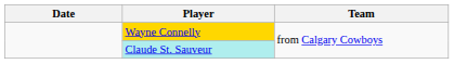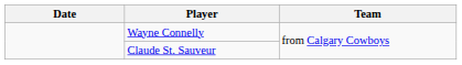 <table class="wikitable">
 <tr>
 <th style="width: 10em;">Date</th>
 <th style="width: 13em;">Player</th>
 <th style="width: 15em;">Team</th>
 </tr>
 <tr>
 <td rowspan=2></td>
-<td style="background: gold;"><a href='#'>Wayne Connelly</a></td>
+<td><a href='#'>Wayne Connelly</a></td>
 <td from rowspan=2>from <a href='#'>Calgary Cowboys</a></td>
 </tr>
 <tr>
-<td style="background: paleturquoise;"><a href='#'>Claude St. Sauveur</a></td>
+<td><a href='#'>Claude St. Sauveur</a></td>
 </tr>
 </table>
